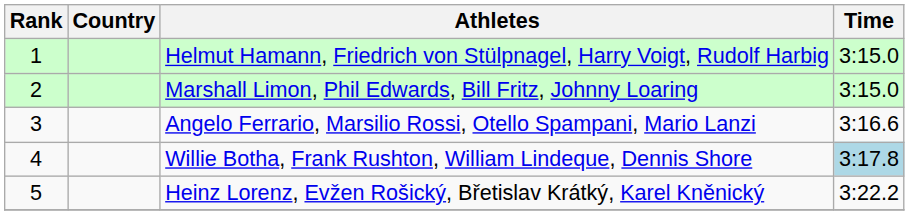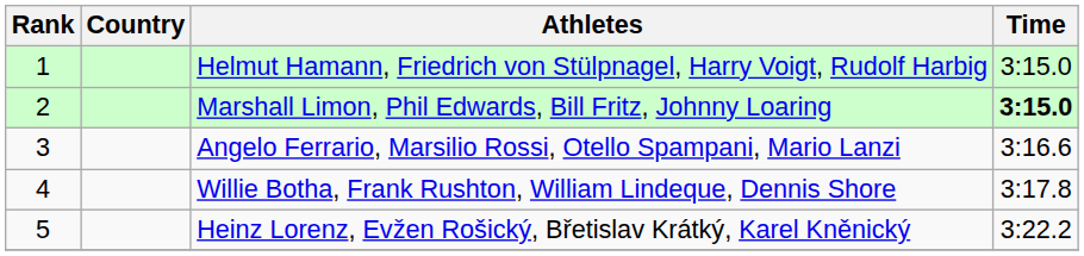 <table class="wikitable sortable" style="text-align:center">
 <tr>
 <th>Rank</th>
 <th>Country</th>
 <th>Athletes</th>
 <th>Time</th>
 </tr>
 <tr bgcolor=ccffcc>
 <td>1</td>
 <td align=left></td>
 <td align=left><a href='#'>Helmut Hamann</a>, <a href='#'>Friedrich von Stülpnagel</a>, <a href='#'>Harry Voigt</a>, <a href='#'>Rudolf Harbig</a></td>
 <td>3:15.0</td>
 </tr>
 <tr bgcolor=ccffcc>
 <td>2</td>
 <td align=left></td>
 <td align=left><a href='#'>Marshall Limon</a>, <a href='#'>Phil Edwards</a>, <a href='#'>Bill Fritz</a>, <a href='#'>Johnny Loaring</a></td>
-<td>3:15.0</td>
+<td><strong>3:15.0</strong></td>
 </tr>
 <tr>
 <td>3</td>
 <td align=left></td>
 <td align=left><a href='#'>Angelo Ferrario</a>, <a href='#'>Marsilio Rossi</a>, <a href='#'>Otello Spampani</a>, <a href='#'>Mario Lanzi</a></td>
 <td>3:16.6</td>
 </tr>
 <tr>
 <td>4</td>
 <td align=left></td>
 <td align=left><a href='#'>Willie Botha</a>, <a href='#'>Frank Rushton</a>, <a href='#'>William Lindeque</a>, <a href='#'>Dennis Shore</a></td>
-<td style="background: lightblue;">3:17.8</td>
+<td>3:17.8</td>
 </tr>
 <tr>
 <td>5</td>
 <td align=left></td>
 <td align=left><a href='#'>Heinz Lorenz</a>, <a href='#'>Evžen Rošický</a>, Břetislav Krátký, <a href='#'>Karel Kněnický</a></td>
 <td>3:22.2</td>
 </tr>
 <tr>
 </tr>
 </table>
